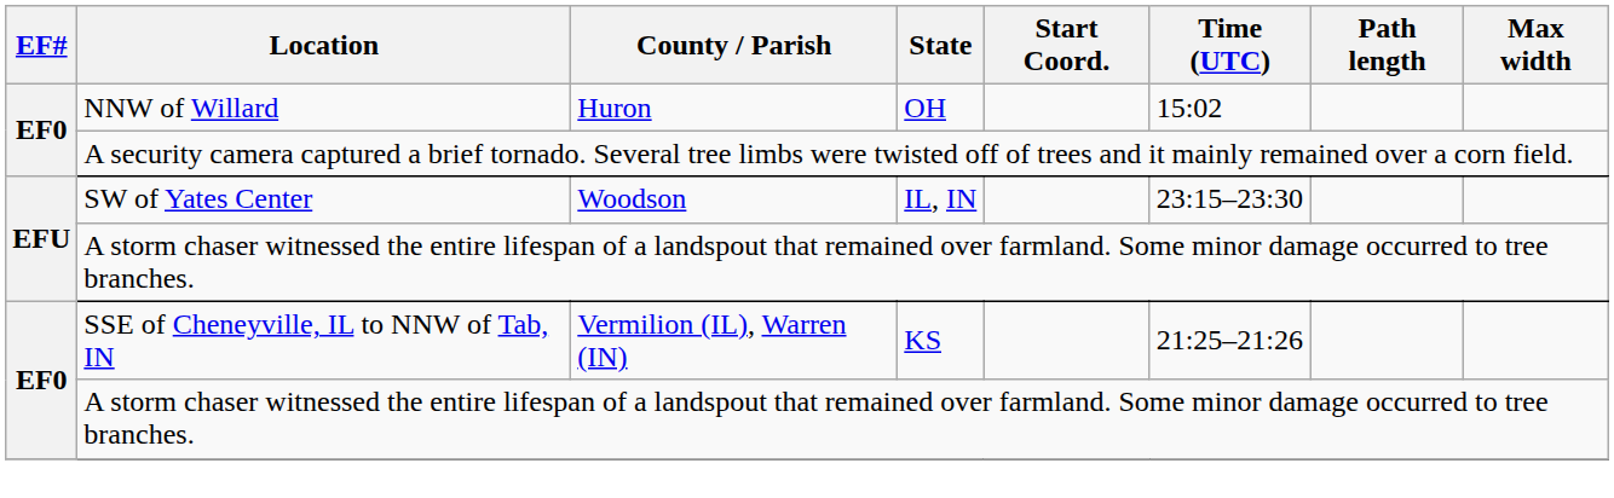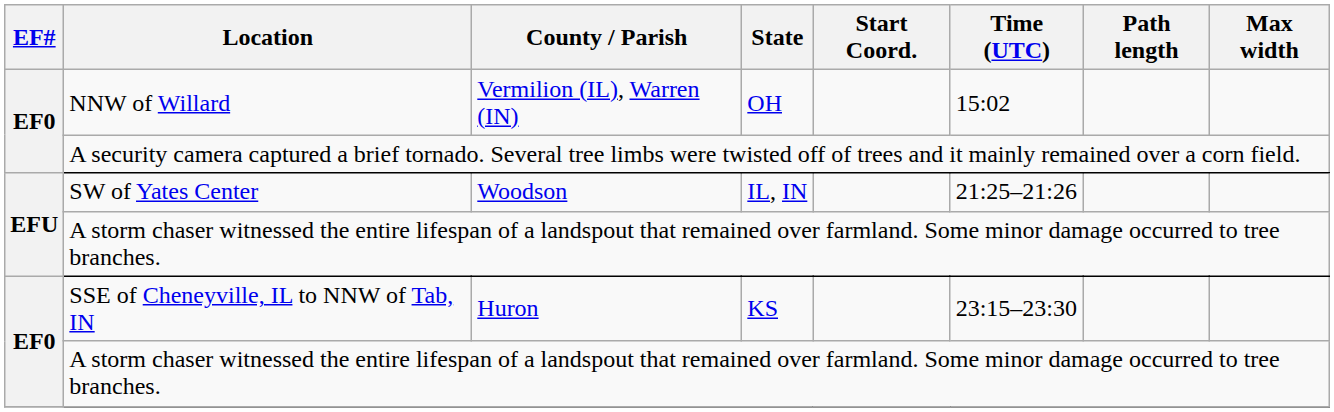 <table class="wikitable sortable" style="width:100%;">
 <tr>
 <th scope="col" width="2%" align="center"><a href='#'>EF#</a></th>
 <th scope="col" align="center" class="unsortable">Location</th>
 <th scope="col" align="center" class="unsortable">County / Parish</th>
 <th scope="col" align="center">State</th>
 <th scope="col" align="center">Start Coord.</th>
 <th scope="col" align="center">Time (<a href='#'>UTC</a>)</th>
 <th scope="col" align="center">Path length</th>
 <th scope="col" align="center">Max width</th>
 </tr>
 <tr>
 <th scope="row" rowspan="2" style="background-color:#">EF0</th>
 <td>NNW of <a href='#'>Willard</a></td>
-<td><a href='#'>Huron</a></td>
+<td><a href='#'>Vermilion (IL)</a>, <a href='#'>Warren (IN)</a></td>
 <td><a href='#'>OH</a></td>
 <td></td>
 <td>15:02</td>
 <td></td>
 <td></td>
 </tr>
 <tr class="expand-child">
 <td colspan="8" style=" border-bottom: 1px solid black;">A security camera captured a brief tornado. Several tree limbs were twisted off of trees and it mainly remained over a corn field.</td>
 </tr>
 <tr>
 <th scope="row" rowspan="2" style="background-color:#">EFU</th>
 <td>SW of <a href='#'>Yates Center</a></td>
 <td><a href='#'>Woodson</a></td>
 <td><a href='#'>IL</a>, <a href='#'>IN</a></td>
 <td></td>
-<td>23:15–23:30</td>
+<td>21:25–21:26</td>
 <td></td>
 <td></td>
 </tr>
 <tr class="expand-child">
 <td colspan="8" style=" border-bottom: 1px solid black;">A storm chaser witnessed the entire lifespan of a landspout that remained over farmland. Some minor damage occurred to tree branches.</td>
 </tr>
 <tr>
 <th scope="row" rowspan="2" style="background-color:#">EF0</th>
 <td>SSE of <a href='#'>Cheneyville, IL</a> to NNW of <a href='#'>Tab, IN</a></td>
-<td><a href='#'>Vermilion (IL)</a>, <a href='#'>Warren (IN)</a></td>
+<td><a href='#'>Huron</a></td>
 <td><a href='#'>KS</a></td>
 <td></td>
-<td>21:25–21:26</td>
+<td>23:15–23:30</td>
 <td></td>
 <td></td>
 </tr>
 <tr class="expand-child">
 <td colspan="8" style=" border-bottom: 1px solid black;">A storm chaser witnessed the entire lifespan of a landspout that remained over farmland. Some minor damage occurred to tree branches.</td>
 </tr>
 <tr>
 </tr>
 </table>
